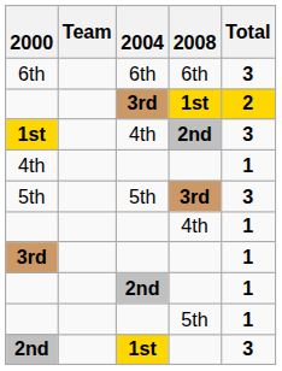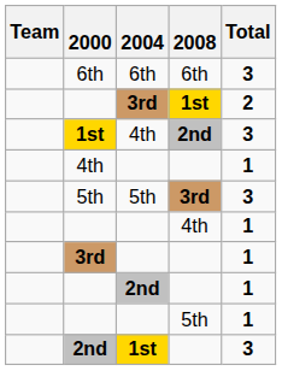 <table class="wikitable" style="text-align:center; font-size:90%">
 <tr bgcolor=>
+<th>Team</th>
 <th><br>2000</th>
-<th>Team</th>
 <th><br>2004</th>
 <th><br>2008</th>
 <th>Total</th>
 </tr>
 <tr>
+<td align=left></td>
 <td>6th</td>
-<td align=left></td>
 <td>6th</td>
 <td>6th</td>
 <td><strong>3</strong></td>
 </tr>
 <tr>
+<td align=left></td>
 <td></td>
-<td align=left></td>
 <td bgcolor=cc9966><strong>3rd</strong></td>
 <td bgcolor=gold><strong>1st</strong></td>
-<td style="background: gold;"><strong>2</strong></td>
+<td><strong>2</strong></td>
 </tr>
 <tr>
+<td align=left></td>
 <td bgcolor=gold><strong>1st</strong></td>
-<td align=left></td>
 <td>4th</td>
 <td bgcolor=silver><strong>2nd</strong></td>
 <td><strong>3</strong></td>
 </tr>
 <tr>
+<td align=left></td>
 <td>4th</td>
-<td align=left></td>
 <td></td>
 <td></td>
 <td><strong>1</strong></td>
 </tr>
 <tr>
+<td align=left></td>
 <td>5th</td>
-<td align=left></td>
 <td>5th</td>
 <td bgcolor=cc9966><strong>3rd</strong></td>
 <td><strong>3</strong></td>
 </tr>
 <tr>
+<td align=left></td>
 <td></td>
-<td align=left></td>
 <td></td>
 <td>4th</td>
 <td><strong>1</strong></td>
 </tr>
 <tr>
+<td align=left></td>
 <td bgcolor=cc9966><strong>3rd</strong></td>
-<td align=left></td>
 <td></td>
 <td></td>
 <td><strong>1</strong></td>
 </tr>
 <tr>
+<td align=left></td>
 <td></td>
-<td align=left></td>
 <td bgcolor=silver><strong>2nd</strong></td>
 <td></td>
 <td><strong>1</strong></td>
 </tr>
 <tr>
+<td align=left></td>
 <td></td>
-<td align=left></td>
 <td></td>
 <td>5th</td>
 <td><strong>1</strong></td>
 </tr>
 <tr>
+<td align=left></td>
 <td bgcolor=silver><strong>2nd</strong></td>
-<td align=left></td>
 <td bgcolor=gold><strong>1st</strong></td>
 <td></td>
 <td><strong>3</strong></td>
 </tr>
 </table>
